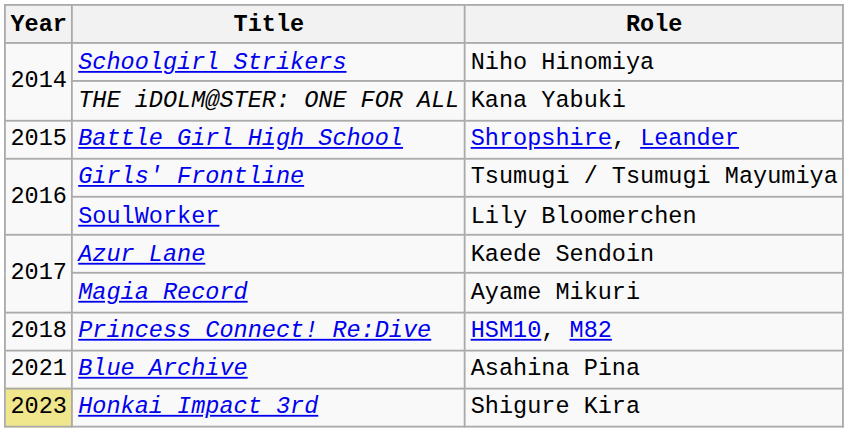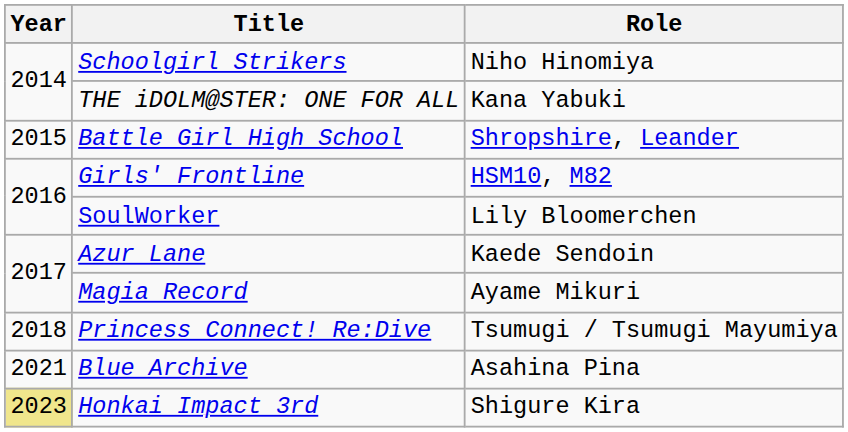 <table class="wikitable">
 <tr>
 <th>Year</th>
 <th>Title</th>
 <th>Role</th>
 </tr>
 <tr>
 <td rowspan="2">2014</td>
 <td><em><a href='#'>Schoolgirl Strikers</a></em></td>
 <td>Niho Hinomiya </td>
 </tr>
 <tr>
 <td><em>THE iDOLM@STER: ONE FOR ALL</em></td>
 <td>Kana Yabuki</td>
 </tr>
 <tr>
 <td rowspan="1">2015</td>
 <td><em><a href='#'>Battle Girl High School</a></em></td>
 <td><a href='#'>Shropshire</a>, <a href='#'>Leander</a></td>
 </tr>
 <tr>
 <td rowspan="2">2016</td>
 <td><em><a href='#'>Girls' Frontline</a></em></td>
-<td>Tsumugi / Tsumugi Mayumiya</td>
+<td><a href='#'>HSM10</a>, <a href='#'>M82</a></td>
 </tr>
 <tr>
 <td><a href='#'>SoulWorker</a></td>
 <td>Lily Bloomerchen </td>
 </tr>
 <tr>
 <td rowspan="2">2017</td>
 <td><em><a href='#'>Azur Lane</a></em></td>
 <td>Kaede Sendoin</td>
 </tr>
 <tr>
 <td><em><a href='#'>Magia Record</a></em></td>
 <td>Ayame Mikuri</td>
 </tr>
 <tr>
 <td rowspan="1">2018</td>
 <td><em><a href='#'>Princess Connect! Re:Dive</a></em></td>
-<td><a href='#'>HSM10</a>, <a href='#'>M82</a></td>
+<td>Tsumugi / Tsumugi Mayumiya</td>
 </tr>
 <tr>
 <td rowspan="1">2021</td>
 <td><em><a href='#'>Blue Archive</a></em></td>
 <td>Asahina Pina</td>
 </tr>
 <tr>
 <td rowspan="1" style="background: khaki;">2023</td>
 <td><em><a href='#'>Honkai Impact 3rd</a></em></td>
 <td>Shigure Kira </td>
 </tr>
 </table>
